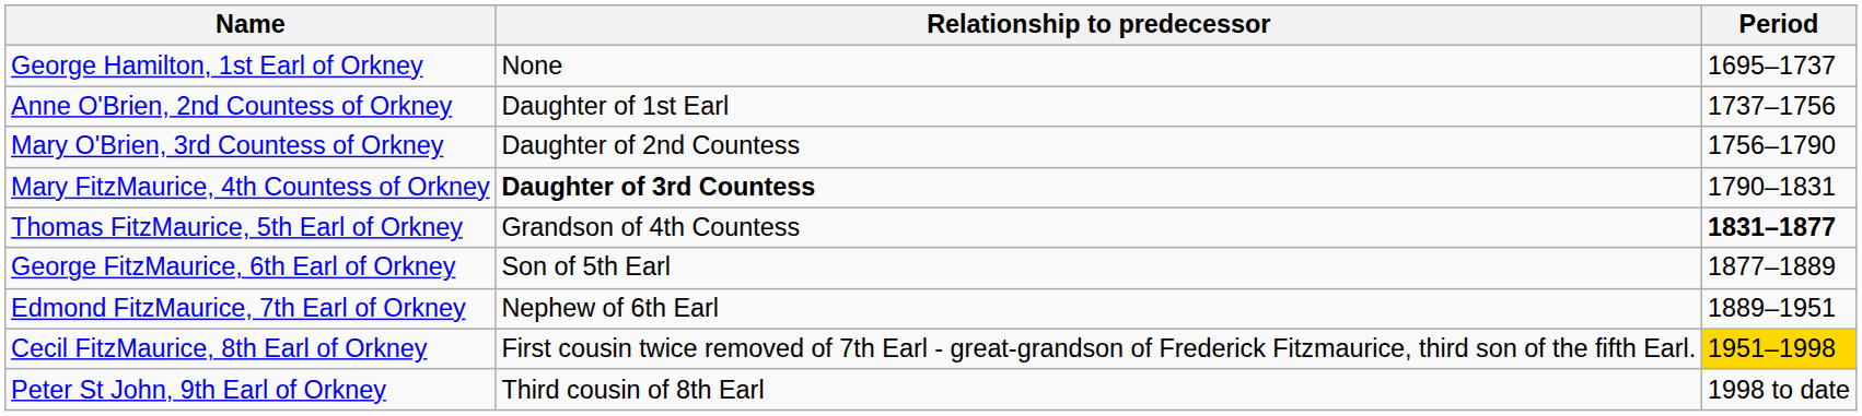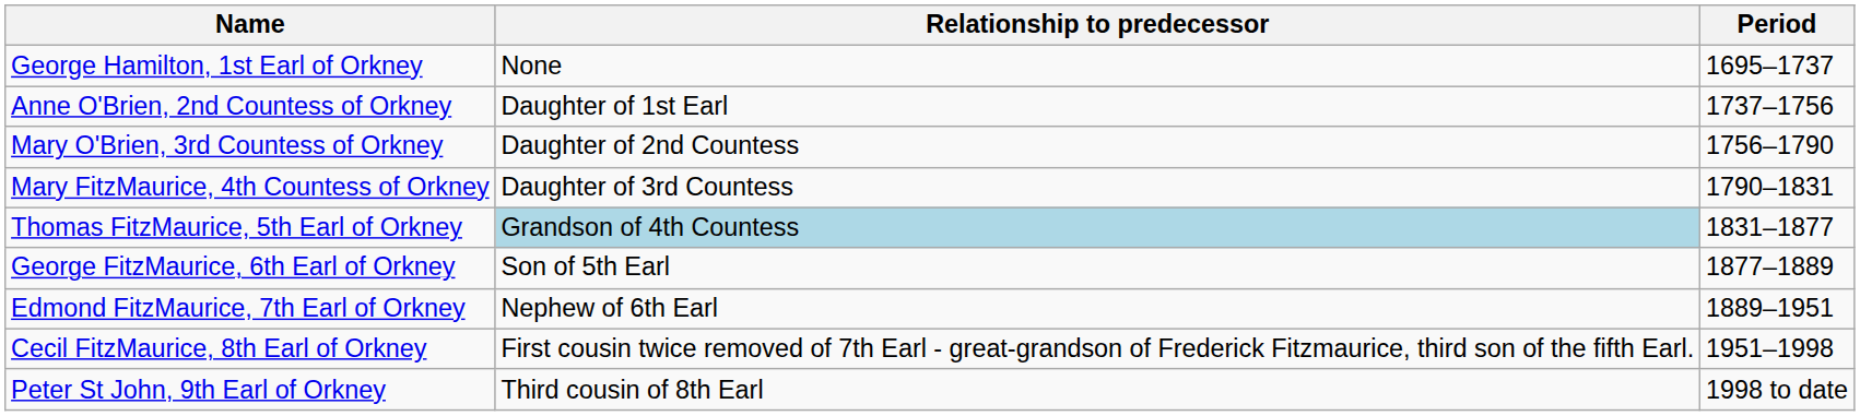 <table class="wikitable sortable" style="font-size:100%; border:0px; text-align:left;">
 <tr>
 <th>Name</th>
 <th>Relationship to predecessor</th>
 <th>Period</th>
 </tr>
 <tr>
 <td><a href='#'>George Hamilton, 1st Earl of Orkney</a></td>
 <td>None</td>
 <td>1695–1737</td>
 </tr>
 <tr>
 <td><a href='#'>Anne O'Brien, 2nd Countess of Orkney</a></td>
 <td>Daughter of 1st Earl</td>
 <td>1737–1756</td>
 </tr>
 <tr>
 <td><a href='#'>Mary O'Brien, 3rd Countess of Orkney</a></td>
 <td>Daughter of 2nd Countess</td>
 <td>1756–1790</td>
 </tr>
 <tr>
 <td><a href='#'>Mary FitzMaurice, 4th Countess of Orkney</a></td>
-<td><strong>Daughter of 3rd Countess</strong></td>
+<td>Daughter of 3rd Countess</td>
 <td>1790–1831</td>
 </tr>
 <tr>
 <td><a href='#'>Thomas FitzMaurice, 5th Earl of Orkney</a></td>
-<td>Grandson of 4th Countess</td>
-<td><strong>1831–1877</strong></td>
+<td style="background: lightblue;">Grandson of 4th Countess</td>
+<td>1831–1877</td>
 </tr>
 <tr>
 <td><a href='#'>George FitzMaurice, 6th Earl of Orkney</a></td>
 <td>Son of 5th Earl</td>
 <td>1877–1889</td>
 </tr>
 <tr>
 <td><a href='#'>Edmond FitzMaurice, 7th Earl of Orkney</a></td>
 <td>Nephew of 6th Earl</td>
 <td>1889–1951</td>
 </tr>
 <tr>
 <td><a href='#'>Cecil FitzMaurice, 8th Earl of Orkney</a></td>
 <td>First cousin twice removed of 7th Earl - great-grandson of Frederick Fitzmaurice, third son of the fifth Earl.</td>
-<td style="background: gold;">1951–1998</td>
+<td>1951–1998</td>
 </tr>
 <tr>
 <td><a href='#'>Peter St John, 9th Earl of Orkney</a></td>
 <td>Third cousin of 8th Earl</td>
 <td>1998 to date</td>
 </tr>
 <tr>
 </tr>
 </table>
